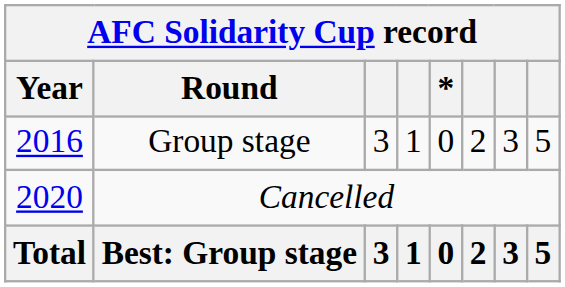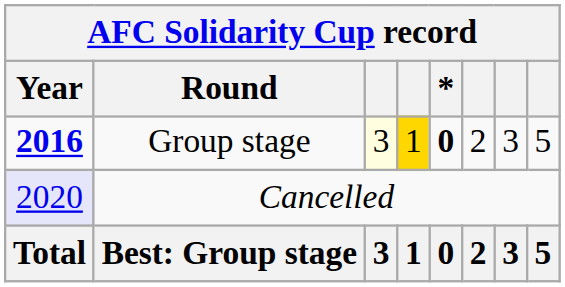 <table class="wikitable" style="text-align: center;font-size:90%;">
 <tr>
 <th colspan=8><a href='#'>AFC Solidarity Cup</a> record</th>
 </tr>
 <tr>
 <th>Year</th>
 <th>Round</th>
 <th></th>
 <th></th>
 <th>*</th>
 <th></th>
 <th></th>
 <th></th>
 </tr>
 <tr>
-<td> <a href='#'>2016</a></td>
+<td><strong> <a href='#'>2016</a></strong></td>
 <td>Group stage</td>
-<td>3</td>
-<td>1</td>
-<td>0</td>
+<td style="background: lightyellow;">3</td>
+<td style="background: gold;">1</td>
+<td><strong>0</strong></td>
 <td>2</td>
 <td>3</td>
 <td>5</td>
 </tr>
 <tr>
-<td><a href='#'>2020</a></td>
+<td style="background: lavender;"><a href='#'>2020</a></td>
 <td colspan=8><em>Cancelled</em></td>
 </tr>
 <tr>
 <th><strong>Total</strong></th>
 <th><strong>Best: Group stage</strong></th>
 <th>3</th>
 <th>1</th>
 <th>0</th>
 <th>2</th>
 <th>3</th>
 <th>5</th>
 </tr>
 </table>
